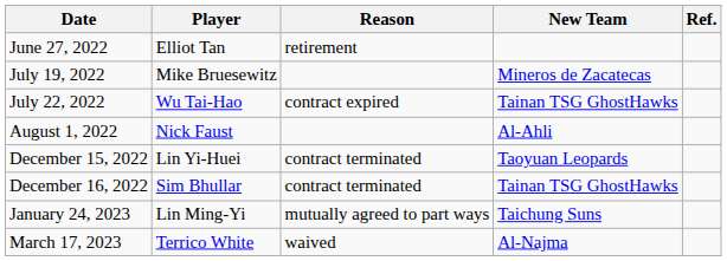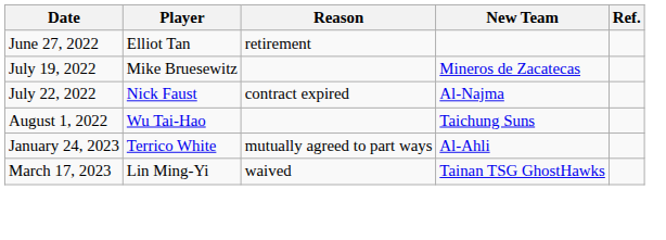 <table class="wikitable">
 <tr>
 <th>Date</th>
 <th>Player</th>
 <th>Reason</th>
 <th>New Team</th>
 <th>Ref.</th>
 </tr>
 <tr>
 <td>June 27, 2022</td>
 <td>Elliot Tan</td>
 <td>retirement</td>
 <td></td>
 <td></td>
 </tr>
 <tr>
 <td>July 19, 2022</td>
 <td>Mike Bruesewitz</td>
 <td></td>
 <td><a href='#'>Mineros de Zacatecas</a></td>
 <td></td>
 </tr>
 <tr>
 <td>July 22, 2022</td>
-<td><a href='#'>Wu Tai-Hao</a></td>
+<td><a href='#'>Nick Faust</a></td>
 <td>contract expired</td>
-<td><a href='#'>Tainan TSG GhostHawks</a></td>
+<td><a href='#'>Al-Najma</a></td>
 <td></td>
 </tr>
 <tr>
 <td>August 1, 2022</td>
-<td><a href='#'>Nick Faust</a></td>
+<td><a href='#'>Wu Tai-Hao</a></td>
 <td></td>
+<td><a href='#'>Taichung Suns</a></td>
+<td></td>
+</tr>
+<tr>
+<td>January 24, 2023</td>
+<td><a href='#'>Terrico White</a></td>
+<td>mutually agreed to part ways</td>
 <td><a href='#'>Al-Ahli</a></td>
 <td></td>
 </tr>
 <tr>
-<td>December 15, 2022</td>
-<td>Lin Yi-Huei</td>
-<td>contract terminated</td>
-<td><a href='#'>Taoyuan Leopards</a></td>
-<td></td>
-</tr>
-<tr>
-<td>December 16, 2022</td>
-<td><a href='#'>Sim Bhullar</a></td>
-<td>contract terminated</td>
+<td>March 17, 2023</td>
+<td>Lin Ming-Yi</td>
+<td>waived</td>
 <td><a href='#'>Tainan TSG GhostHawks</a></td>
 <td></td>
 </tr>
-<tr>
-<td>January 24, 2023</td>
-<td>Lin Ming-Yi</td>
-<td>mutually agreed to part ways</td>
-<td><a href='#'>Taichung Suns</a></td>
-<td></td>
-</tr>
-<tr>
-<td>March 17, 2023</td>
-<td><a href='#'>Terrico White</a></td>
-<td>waived</td>
-<td><a href='#'>Al-Najma</a></td>
-<td></td>
-</tr>
 </table>
